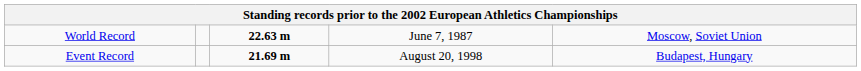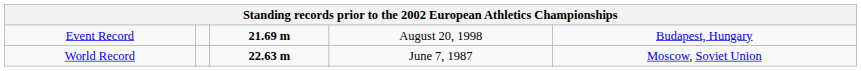 <table class="wikitable" style=" text-align:center; font-size:110%;" width="95%">
 <tr>
 <th colspan="5">Standing records prior to the 2002 European Athletics Championships</th>
+</tr>
+<tr>
+<td><a href='#'>Event Record</a></td>
+<td></td>
+<td><strong>21.69 m </strong></td>
+<td>August 20, 1998</td>
+<td> <a href='#'>Budapest, Hungary</a></td>
 </tr>
 <tr>
 <td><a href='#'>World Record</a></td>
 <td></td>
 <td><strong>22.63 m </strong></td>
 <td>June 7, 1987</td>
 <td> <a href='#'>Moscow</a>, <a href='#'>Soviet Union</a></td>
 </tr>
-<tr>
-<td><a href='#'>Event Record</a></td>
-<td></td>
-<td><strong>21.69 m </strong></td>
-<td>August 20, 1998</td>
-<td> <a href='#'>Budapest, Hungary</a></td>
-</tr>
 </table>
